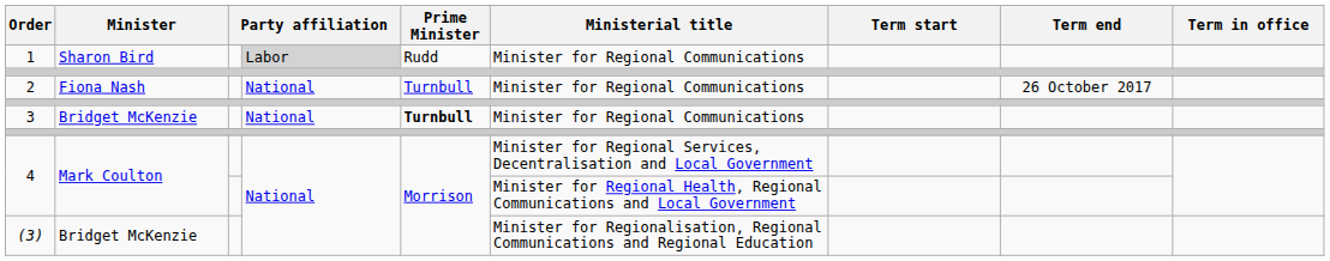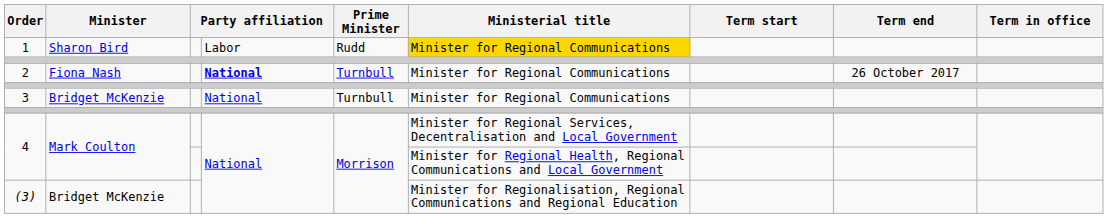 <table class="wikitable">
 <tr>
 <th width=5>Order</th>
 <th width=150>Minister</th>
 <th width=150 colspan="2">Party affiliation</th>
 <th width=75>Prime Minister</th>
 <th width=300>Ministerial title</th>
 <th width=150>Term start</th>
 <th width=150>Term end</th>
 <th width=130>Term in office</th>
 </tr>
 <tr>
 <td align=center>1</td>
 <td><a href='#'>Sharon Bird</a></td>
 <td></td>
-<td style="background: lightgrey;">Labor</td>
+<td>Labor</td>
 <td>Rudd</td>
-<td>Minister for Regional Communications</td>
+<td style="background: gold;">Minister for Regional Communications</td>
 <td align=center></td>
 <td align=center></td>
 <td align=right></td>
 </tr>
 <tr>
 <th colspan=9 style="background: #cccccc;"></th>
 </tr>
 <tr>
 <td align=center>2</td>
 <td><a href='#'>Fiona Nash</a></td>
 <td></td>
-<td><a href='#'>National</a></td>
+<td><strong><a href='#'>National</a></strong></td>
 <td><a href='#'>Turnbull</a></td>
 <td>Minister for Regional Communications</td>
 <td align=center></td>
 <td align=center>26 October 2017</td>
 <td align=right></td>
 </tr>
 <tr>
 <th colspan=9 style="background: #cccccc;"></th>
 </tr>
 <tr>
 <td align=center>3</td>
 <td><a href='#'>Bridget McKenzie</a></td>
 <td></td>
 <td><a href='#'>National</a></td>
-<td><strong>Turnbull</strong></td>
+<td>Turnbull</td>
 <td>Minister for Regional Communications</td>
 <td align=center></td>
 <td align=center></td>
 <td align=right></td>
 </tr>
 <tr>
 <th colspan=9 style="background: #cccccc;"></th>
 </tr>
 <tr>
 <td rowspan=2 align=center>4</td>
 <td rowspan=2><a href='#'>Mark Coulton</a></td>
 <td></td>
 <td rowspan=3><a href='#'>National</a></td>
 <td rowspan=3><a href='#'>Morrison</a></td>
 <td>Minister for Regional Services, Decentralisation and <a href='#'>Local Government</a></td>
 <td align=center></td>
 <td align=center></td>
 <td rowspan=2 align=right><strong></strong></td>
 </tr>
 <tr>
 <td></td>
 <td>Minister for <a href='#'>Regional Health</a>, Regional Communications and <a href='#'>Local Government</a></td>
 <td align=center></td>
 <td align=center></td>
 </tr>
 <tr>
 <td align=center><em>(3)</em></td>
 <td>Bridget McKenzie</td>
 <td></td>
 <td>Minister for Regionalisation, Regional Communications and Regional Education</td>
 <td align=center></td>
 <td align=center></td>
 <td align=right></td>
 </tr>
 </table>
